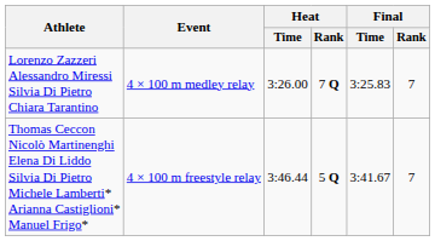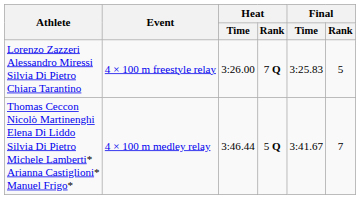 <table class=wikitable style="font-size:90%">
 <tr>
 <th rowspan="2">Athlete</th>
 <th rowspan="2">Event</th>
 <th colspan="2">Heat</th>
 <th colspan="2">Final</th>
 </tr>
 <tr style="font-size:95%">
 <th>Time</th>
 <th>Rank</th>
 <th>Time</th>
 <th>Rank</th>
 </tr>
 <tr style="text-align:center">
 <td style="text-align:left"><a href='#'>Lorenzo Zazzeri</a> <br><a href='#'>Alessandro Miressi</a> <br><a href='#'>Silvia Di Pietro</a> <br><a href='#'>Chiara Tarantino</a></td>
-<td style="text-align:left"><a href='#'>4 × 100 m medley relay</a></td>
+<td style="text-align:left"><a href='#'>4 × 100 m freestyle relay</a></td>
 <td>3:26.00</td>
 <td>7 <strong>Q</strong></td>
 <td>3:25.83</td>
-<td>7</td>
+<td>5</td>
 </tr>
 <tr style="text-align:center">
 <td style="text-align:left"><a href='#'>Thomas Ceccon</a><br><a href='#'>Nicolò Martinenghi</a> <br><a href='#'>Elena Di Liddo</a> <br><a href='#'>Silvia Di Pietro</a> <br><a href='#'>Michele Lamberti</a>*<br><a href='#'>Arianna Castiglioni</a>*<br><a href='#'>Manuel Frigo</a>*</td>
-<td style="text-align:left"><a href='#'>4 × 100 m freestyle relay</a></td>
+<td style="text-align:left"><a href='#'>4 × 100 m medley relay</a></td>
 <td>3:46.44</td>
 <td>5 <strong>Q</strong></td>
 <td>3:41.67</td>
 <td>7</td>
 </tr>
 </table>
